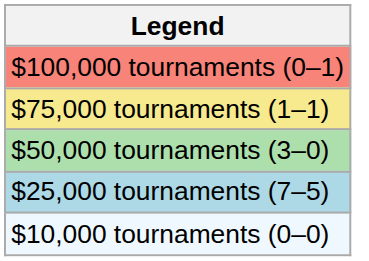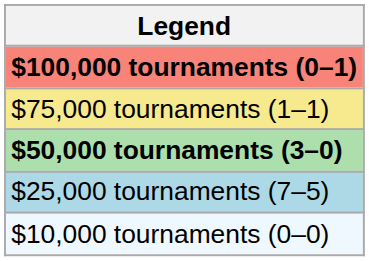 <table class=wikitable style="font-size:85%">
 <tr>
 <th>Legend</th>
 </tr>
 <tr bgcolor=F88379>
-<td>$100,000 tournaments (0–1)</td>
+<td><strong>$100,000 tournaments (0–1)</strong></td>
 </tr>
 <tr bgcolor=F7E98E>
 <td>$75,000 tournaments (1–1)</td>
 </tr>
 <tr bgcolor=ADDFAD>
-<td>$50,000 tournaments (3–0)</td>
+<td><strong>$50,000 tournaments (3–0)</strong></td>
 </tr>
 <tr bgcolor=lightblue>
 <td>$25,000 tournaments (7–5)</td>
 </tr>
 <tr bgcolor=f0f8ff>
 <td>$10,000 tournaments (0–0)</td>
 </tr>
 </table>
